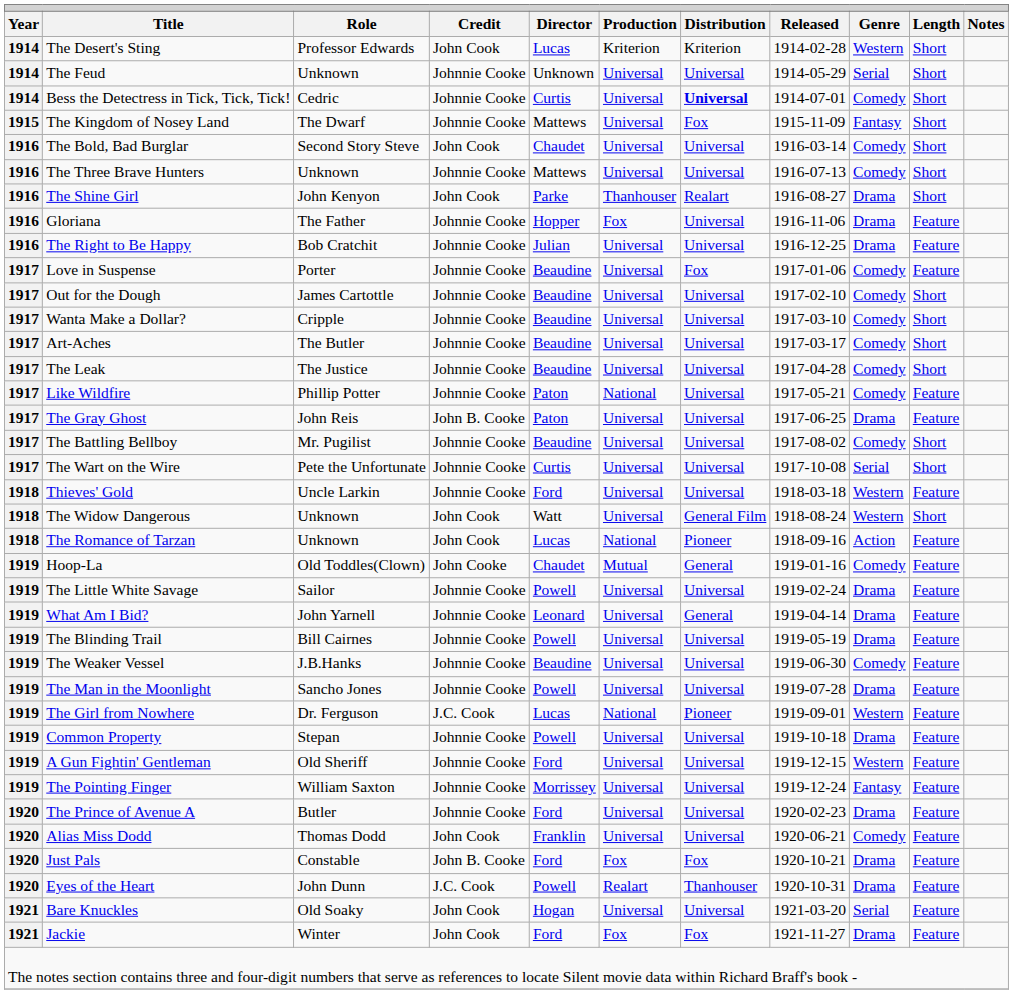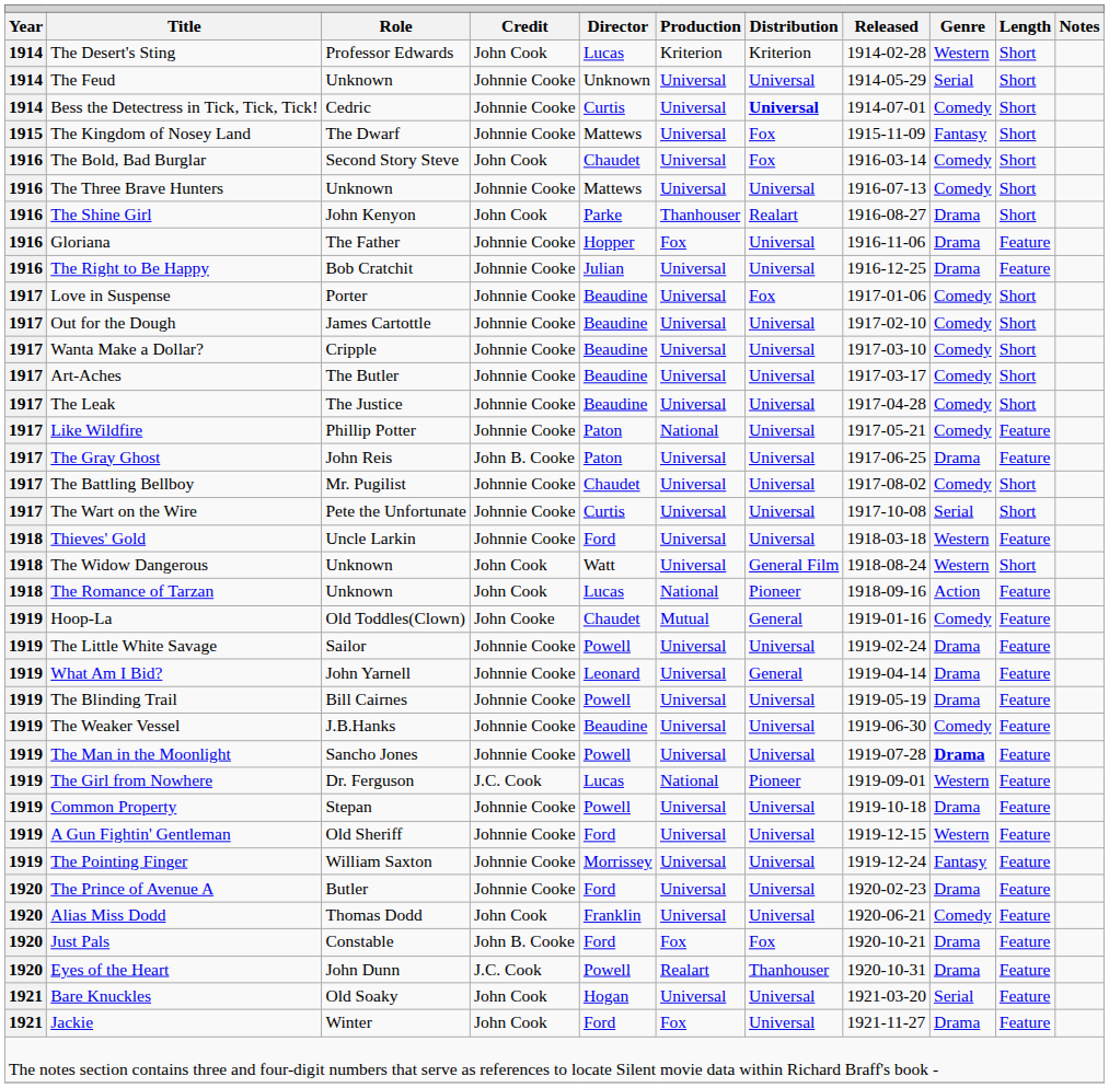 <table class="wikitable sortable">
 <tr>
 <th colspan="18" style="border:1px solid #808080;background:lightgrey;"></th>
 </tr>
 <tr>
 <th>Year</th>
 <th class="unsortable">Title</th>
 <th class="unsortable">Role</th>
 <th class="unsortable">Credit</th>
 <th>Director</th>
 <th>Production</th>
 <th>Distribution</th>
 <th>Released</th>
 <th>Genre</th>
 <th>Length</th>
 <th class="unsortable">Notes</th>
 </tr>
 <tr>
 <th>1914</th>
 <td>The Desert's Sting</td>
 <td>Professor Edwards</td>
 <td>John Cook</td>
 <td><a href='#'>Lucas</a></td>
 <td>Kriterion</td>
 <td>Kriterion</td>
 <td>1914-02-28</td>
 <td><a href='#'>Western</a></td>
 <td><a href='#'>Short</a></td>
 <td></td>
 </tr>
 <tr>
 <th>1914</th>
 <td>The Feud</td>
 <td>Unknown</td>
 <td>Johnnie Cooke</td>
 <td>Unknown</td>
 <td><a href='#'>Universal</a></td>
 <td><a href='#'>Universal</a></td>
 <td>1914-05-29</td>
 <td><a href='#'>Serial</a></td>
 <td><a href='#'>Short</a></td>
 <td></td>
 </tr>
 <tr>
 <th>1914</th>
 <td>Bess the Detectress in Tick, Tick, Tick!</td>
 <td>Cedric</td>
 <td>Johnnie Cooke</td>
 <td><a href='#'>Curtis</a></td>
 <td><a href='#'>Universal</a></td>
 <td><strong><a href='#'>Universal</a></strong></td>
 <td>1914-07-01</td>
 <td><a href='#'>Comedy</a></td>
 <td><a href='#'>Short</a></td>
 <td></td>
 </tr>
 <tr>
 <th>1915</th>
 <td>The Kingdom of Nosey Land</td>
 <td>The Dwarf</td>
 <td>Johnnie Cooke</td>
 <td>Mattews</td>
 <td><a href='#'>Universal</a></td>
 <td><a href='#'>Fox</a></td>
 <td>1915-11-09</td>
 <td><a href='#'>Fantasy</a></td>
 <td><a href='#'>Short</a></td>
 <td></td>
 </tr>
 <tr>
 <th>1916</th>
 <td>The Bold, Bad Burglar</td>
 <td>Second Story Steve</td>
 <td>John Cook</td>
 <td><a href='#'>Chaudet</a></td>
 <td><a href='#'>Universal</a></td>
-<td><a href='#'>Universal</a></td>
+<td><a href='#'>Fox</a></td>
 <td>1916-03-14</td>
 <td><a href='#'>Comedy</a></td>
 <td><a href='#'>Short</a></td>
 <td></td>
 </tr>
 <tr>
 <th>1916</th>
 <td>The Three Brave Hunters</td>
 <td>Unknown</td>
 <td>Johnnie Cooke</td>
 <td>Mattews</td>
 <td><a href='#'>Universal</a></td>
 <td><a href='#'>Universal</a></td>
 <td>1916-07-13</td>
 <td><a href='#'>Comedy</a></td>
 <td><a href='#'>Short</a></td>
 <td></td>
 </tr>
 <tr>
 <th>1916</th>
 <td><a href='#'>The Shine Girl</a></td>
 <td>John Kenyon</td>
 <td>John Cook</td>
 <td><a href='#'>Parke</a></td>
 <td><a href='#'>Thanhouser</a></td>
 <td><a href='#'>Realart</a></td>
 <td>1916-08-27</td>
 <td><a href='#'>Drama</a></td>
 <td><a href='#'>Short</a></td>
 <td></td>
 </tr>
 <tr>
 <th>1916</th>
 <td>Gloriana</td>
 <td>The Father</td>
 <td>Johnnie Cooke</td>
 <td><a href='#'>Hopper</a></td>
 <td><a href='#'>Fox</a></td>
 <td><a href='#'>Universal</a></td>
 <td>1916-11-06</td>
 <td><a href='#'>Drama</a></td>
 <td><a href='#'>Feature</a></td>
 <td></td>
 </tr>
 <tr>
 <th>1916</th>
 <td><a href='#'>The Right to Be Happy</a></td>
 <td>Bob Cratchit</td>
 <td>Johnnie Cooke</td>
 <td><a href='#'>Julian</a></td>
 <td><a href='#'>Universal</a></td>
 <td><a href='#'>Universal</a></td>
 <td>1916-12-25</td>
 <td><a href='#'>Drama</a></td>
 <td><a href='#'>Feature</a></td>
 <td></td>
 </tr>
 <tr>
 <th>1917</th>
 <td>Love in Suspense</td>
 <td>Porter</td>
 <td>Johnnie Cooke</td>
 <td><a href='#'>Beaudine</a></td>
 <td><a href='#'>Universal</a></td>
 <td><a href='#'>Fox</a></td>
 <td>1917-01-06</td>
 <td><a href='#'>Comedy</a></td>
-<td><a href='#'>Feature</a></td>
+<td><a href='#'>Short</a></td>
 <td></td>
 </tr>
 <tr>
 <th>1917</th>
 <td>Out for the Dough</td>
 <td>James Cartottle</td>
 <td>Johnnie Cooke</td>
 <td><a href='#'>Beaudine</a></td>
 <td><a href='#'>Universal</a></td>
 <td><a href='#'>Universal</a></td>
 <td>1917-02-10</td>
 <td><a href='#'>Comedy</a></td>
 <td><a href='#'>Short</a></td>
 <td></td>
 </tr>
 <tr>
 <th>1917</th>
 <td>Wanta Make a Dollar?</td>
 <td>Cripple</td>
 <td>Johnnie Cooke</td>
 <td><a href='#'>Beaudine</a></td>
 <td><a href='#'>Universal</a></td>
 <td><a href='#'>Universal</a></td>
 <td>1917-03-10</td>
 <td><a href='#'>Comedy</a></td>
 <td><a href='#'>Short</a></td>
 <td></td>
 </tr>
 <tr>
 <th>1917</th>
 <td>Art-Aches</td>
 <td>The Butler</td>
 <td>Johnnie Cooke</td>
 <td><a href='#'>Beaudine</a></td>
 <td><a href='#'>Universal</a></td>
 <td><a href='#'>Universal</a></td>
 <td>1917-03-17</td>
 <td><a href='#'>Comedy</a></td>
 <td><a href='#'>Short</a></td>
 <td></td>
 </tr>
 <tr>
 <th>1917</th>
 <td>The Leak</td>
 <td>The Justice</td>
 <td>Johnnie Cooke</td>
 <td><a href='#'>Beaudine</a></td>
 <td><a href='#'>Universal</a></td>
 <td><a href='#'>Universal</a></td>
 <td>1917-04-28</td>
 <td><a href='#'>Comedy</a></td>
 <td><a href='#'>Short</a></td>
 <td></td>
 </tr>
 <tr>
 <th>1917</th>
 <td><a href='#'>Like Wildfire</a></td>
 <td>Phillip Potter</td>
 <td>Johnnie Cooke</td>
 <td><a href='#'>Paton</a></td>
 <td><a href='#'>National</a></td>
 <td><a href='#'>Universal</a></td>
 <td>1917-05-21</td>
 <td><a href='#'>Comedy</a></td>
 <td><a href='#'>Feature</a></td>
 <td></td>
 </tr>
 <tr>
 <th>1917</th>
 <td><a href='#'>The Gray Ghost</a></td>
 <td>John Reis</td>
 <td>John B. Cooke</td>
 <td><a href='#'>Paton</a></td>
 <td><a href='#'>Universal</a></td>
 <td><a href='#'>Universal</a></td>
 <td>1917-06-25</td>
 <td><a href='#'>Drama</a></td>
 <td><a href='#'>Feature</a></td>
 <td></td>
 </tr>
 <tr>
 <th>1917</th>
 <td>The Battling Bellboy</td>
 <td>Mr. Pugilist</td>
 <td>Johnnie Cooke</td>
-<td><a href='#'>Beaudine</a></td>
+<td><a href='#'>Chaudet</a></td>
 <td><a href='#'>Universal</a></td>
 <td><a href='#'>Universal</a></td>
 <td>1917-08-02</td>
 <td><a href='#'>Comedy</a></td>
 <td><a href='#'>Short</a></td>
 <td></td>
 </tr>
 <tr>
 <th>1917</th>
 <td>The Wart on the Wire</td>
 <td>Pete the Unfortunate</td>
 <td>Johnnie Cooke</td>
 <td><a href='#'>Curtis</a></td>
 <td><a href='#'>Universal</a></td>
 <td><a href='#'>Universal</a></td>
 <td>1917-10-08</td>
 <td><a href='#'>Serial</a></td>
 <td><a href='#'>Short</a></td>
 <td></td>
 </tr>
 <tr>
 <th>1918</th>
 <td><a href='#'>Thieves' Gold</a></td>
 <td>Uncle Larkin</td>
 <td>Johnnie Cooke</td>
 <td><a href='#'>Ford</a></td>
 <td><a href='#'>Universal</a></td>
 <td><a href='#'>Universal</a></td>
 <td>1918-03-18</td>
 <td><a href='#'>Western</a></td>
 <td><a href='#'>Feature</a></td>
 <td></td>
 </tr>
 <tr>
 <th>1918</th>
 <td>The Widow Dangerous</td>
 <td>Unknown</td>
 <td>John Cook</td>
 <td>Watt</td>
 <td><a href='#'>Universal</a></td>
 <td><a href='#'>General Film</a></td>
 <td>1918-08-24</td>
 <td><a href='#'>Western</a></td>
 <td><a href='#'>Short</a></td>
 <td></td>
 </tr>
 <tr>
 <th>1918</th>
 <td><a href='#'>The Romance of Tarzan</a></td>
 <td>Unknown</td>
 <td>John Cook</td>
 <td><a href='#'>Lucas</a></td>
 <td><a href='#'>National</a></td>
 <td><a href='#'>Pioneer</a></td>
 <td>1918-09-16</td>
 <td><a href='#'>Action</a></td>
 <td><a href='#'>Feature</a></td>
 <td></td>
 </tr>
 <tr>
 <th>1919</th>
 <td>Hoop-La</td>
 <td>Old Toddles(Clown)</td>
 <td>John Cooke</td>
 <td><a href='#'>Chaudet</a></td>
 <td><a href='#'>Mutual</a></td>
 <td><a href='#'>General</a></td>
 <td>1919-01-16</td>
 <td><a href='#'>Comedy</a></td>
 <td><a href='#'>Feature</a></td>
 <td></td>
 </tr>
 <tr>
 <th>1919</th>
 <td>The Little White Savage</td>
 <td>Sailor</td>
 <td>Johnnie Cooke</td>
 <td><a href='#'>Powell</a></td>
 <td><a href='#'>Universal</a></td>
 <td><a href='#'>Universal</a></td>
 <td>1919-02-24</td>
 <td><a href='#'>Drama</a></td>
 <td><a href='#'>Feature</a></td>
 <td></td>
 </tr>
 <tr>
 <th>1919</th>
 <td><a href='#'>What Am I Bid?</a></td>
 <td>John Yarnell</td>
 <td>Johnnie Cooke</td>
 <td><a href='#'>Leonard</a></td>
 <td><a href='#'>Universal</a></td>
 <td><a href='#'>General</a></td>
 <td>1919-04-14</td>
 <td><a href='#'>Drama</a></td>
 <td><a href='#'>Feature</a></td>
 <td></td>
 </tr>
 <tr>
 <th>1919</th>
 <td>The Blinding Trail</td>
 <td>Bill Cairnes</td>
 <td>Johnnie Cooke</td>
 <td><a href='#'>Powell</a></td>
 <td><a href='#'>Universal</a></td>
 <td><a href='#'>Universal</a></td>
 <td>1919-05-19</td>
 <td><a href='#'>Drama</a></td>
 <td><a href='#'>Feature</a></td>
 <td></td>
 </tr>
 <tr>
 <th>1919</th>
 <td>The Weaker Vessel</td>
 <td>J.B.Hanks</td>
 <td>Johnnie Cooke</td>
 <td><a href='#'>Beaudine</a></td>
 <td><a href='#'>Universal</a></td>
 <td><a href='#'>Universal</a></td>
 <td>1919-06-30</td>
 <td><a href='#'>Comedy</a></td>
 <td><a href='#'>Feature</a></td>
 <td></td>
 </tr>
 <tr>
 <th>1919</th>
 <td><a href='#'>The Man in the Moonlight</a></td>
 <td>Sancho Jones</td>
 <td>Johnnie Cooke</td>
 <td><a href='#'>Powell</a></td>
 <td><a href='#'>Universal</a></td>
 <td><a href='#'>Universal</a></td>
 <td>1919-07-28</td>
-<td><a href='#'>Drama</a></td>
+<td><strong><a href='#'>Drama</a></strong></td>
 <td><a href='#'>Feature</a></td>
 <td></td>
 </tr>
 <tr>
 <th>1919</th>
 <td><a href='#'>The Girl from Nowhere</a></td>
 <td>Dr. Ferguson</td>
 <td>J.C. Cook</td>
 <td><a href='#'>Lucas</a></td>
 <td><a href='#'>National</a></td>
 <td><a href='#'>Pioneer</a></td>
 <td>1919-09-01</td>
 <td><a href='#'>Western</a></td>
 <td><a href='#'>Feature</a></td>
 <td></td>
 </tr>
 <tr>
 <th>1919</th>
 <td><a href='#'>Common Property</a></td>
 <td>Stepan</td>
 <td>Johnnie Cooke</td>
 <td><a href='#'>Powell</a></td>
 <td><a href='#'>Universal</a></td>
 <td><a href='#'>Universal</a></td>
 <td>1919-10-18</td>
 <td><a href='#'>Drama</a></td>
 <td><a href='#'>Feature</a></td>
 <td></td>
 </tr>
 <tr>
 <th>1919</th>
 <td><a href='#'>A Gun Fightin' Gentleman</a></td>
 <td>Old Sheriff</td>
 <td>Johnnie Cooke</td>
 <td><a href='#'>Ford</a></td>
 <td><a href='#'>Universal</a></td>
 <td><a href='#'>Universal</a></td>
 <td>1919-12-15</td>
 <td><a href='#'>Western</a></td>
 <td><a href='#'>Feature</a></td>
 <td></td>
 </tr>
 <tr>
 <th>1919</th>
 <td><a href='#'>The Pointing Finger</a></td>
 <td>William Saxton</td>
 <td>Johnnie Cooke</td>
 <td><a href='#'>Morrissey</a></td>
 <td><a href='#'>Universal</a></td>
 <td><a href='#'>Universal</a></td>
 <td>1919-12-24</td>
 <td><a href='#'>Fantasy</a></td>
 <td><a href='#'>Feature</a></td>
 <td></td>
 </tr>
 <tr>
 <th>1920</th>
 <td><a href='#'>The Prince of Avenue A</a></td>
 <td>Butler</td>
 <td>Johnnie Cooke</td>
 <td><a href='#'>Ford</a></td>
 <td><a href='#'>Universal</a></td>
 <td><a href='#'>Universal</a></td>
 <td>1920-02-23</td>
 <td><a href='#'>Drama</a></td>
 <td><a href='#'>Feature</a></td>
 <td></td>
 </tr>
 <tr>
 <th>1920</th>
 <td><a href='#'>Alias Miss Dodd</a></td>
 <td>Thomas Dodd</td>
 <td>John Cook</td>
 <td><a href='#'>Franklin</a></td>
 <td><a href='#'>Universal</a></td>
 <td><a href='#'>Universal</a></td>
 <td>1920-06-21</td>
 <td><a href='#'>Comedy</a></td>
 <td><a href='#'>Feature</a></td>
 <td></td>
 </tr>
 <tr>
 <th>1920</th>
 <td><a href='#'>Just Pals</a></td>
 <td>Constable</td>
 <td>John B. Cooke</td>
 <td><a href='#'>Ford</a></td>
 <td><a href='#'>Fox</a></td>
 <td><a href='#'>Fox</a></td>
 <td>1920-10-21</td>
 <td><a href='#'>Drama</a></td>
 <td><a href='#'>Feature</a></td>
 <td></td>
 </tr>
 <tr>
 <th>1920</th>
 <td><a href='#'>Eyes of the Heart</a></td>
 <td>John Dunn</td>
 <td>J.C. Cook</td>
 <td><a href='#'>Powell</a></td>
 <td><a href='#'>Realart</a></td>
 <td><a href='#'>Thanhouser</a></td>
 <td>1920-10-31</td>
 <td><a href='#'>Drama</a></td>
 <td><a href='#'>Feature</a></td>
 <td></td>
 </tr>
 <tr>
 <th>1921</th>
 <td><a href='#'>Bare Knuckles</a></td>
 <td>Old Soaky</td>
 <td>John Cook</td>
 <td><a href='#'>Hogan</a></td>
 <td><a href='#'>Universal</a></td>
 <td><a href='#'>Universal</a></td>
 <td>1921-03-20</td>
 <td><a href='#'>Serial</a></td>
 <td><a href='#'>Feature</a></td>
 <td></td>
 </tr>
 <tr>
 <th>1921</th>
 <td><a href='#'>Jackie</a></td>
 <td>Winter</td>
 <td>John Cook</td>
 <td><a href='#'>Ford</a></td>
 <td><a href='#'>Fox</a></td>
-<td><a href='#'>Fox</a></td>
+<td><a href='#'>Universal</a></td>
 <td>1921-11-27</td>
 <td><a href='#'>Drama</a></td>
 <td><a href='#'>Feature</a></td>
 <td></td>
 </tr>
 <tr>
 <td colspan="11"><br>The notes section contains three and four-digit numbers that serve as references to locate Silent movie data within Richard Braff's book - </td>
 </tr>
 <tr>
 </tr>
 </table>
